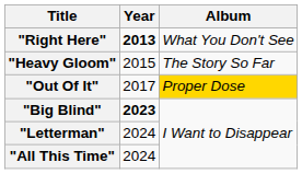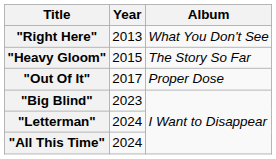 <table class="wikitable plainrowheaders" style="text-align:center;">
 <tr>
 <th scope=col>Title</th>
 <th scope=col>Year</th>
 <th scope=col>Album</th>
 </tr>
 <tr>
 <th scope="row">"Right Here"</th>
-<td><strong>2013</strong></td>
+<td>2013</td>
 <td style="text-align:left;"><em>What You Don't See</em></td>
 </tr>
 <tr>
 <th scope="row">"Heavy Gloom"</th>
 <td>2015</td>
 <td style="text-align:left;"><em>The Story So Far</em></td>
 </tr>
 <tr>
 <th scope="row">"Out Of It"</th>
 <td>2017</td>
-<td style="background: gold; text-align:left;"><em>Proper Dose</em></td>
+<td style="text-align:left;"><em>Proper Dose</em></td>
 </tr>
 <tr>
 <th scope="row">"Big Blind"</th>
-<td><strong>2023</strong></td>
+<td>2023</td>
 <td rowspan="3" style="text-align:left;"><em>I Want to Disappear</em></td>
 </tr>
 <tr>
 <th scope="row">"Letterman"</th>
 <td>2024</td>
 </tr>
 <tr>
 <th>"All This Time"</th>
 <td>2024</td>
 </tr>
 </table>
